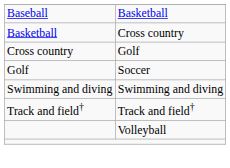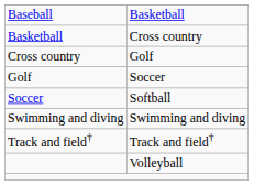 <table class="wikitable" style=" ">
 <tr>
 </tr>
 <tr>
 <td><a href='#'>Baseball</a></td>
 <td><a href='#'>Basketball</a></td>
 </tr>
 <tr>
 <td><a href='#'>Basketball</a></td>
 <td>Cross country</td>
 </tr>
 <tr>
 <td>Cross country</td>
 <td>Golf</td>
 </tr>
 <tr>
 <td>Golf</td>
 <td>Soccer</td>
 </tr>
 <tr>
+<td><a href='#'>Soccer</a></td>
+<td>Softball</td>
+</tr>
+<tr>
 <td>Swimming and diving</td>
 <td>Swimming and diving</td>
 </tr>
 <tr>
 <td>Track and field<sup>†</sup></td>
 <td>Track and field<sup>†</sup></td>
 </tr>
 <tr>
 <td></td>
 <td>Volleyball</td>
 </tr>
 <tr>
 <td colspan="2"></td>
 </tr>
 </table>
